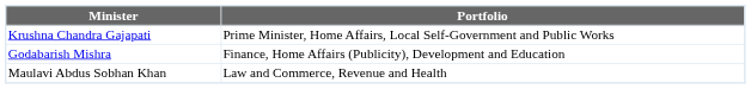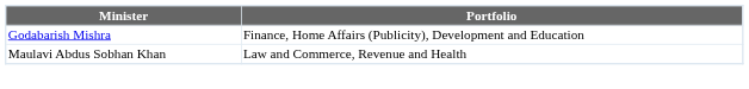 <table width="70%" cellpadding="2" cellspacing="0" border="1" style="border-collapse: collapse; border: 2px #DEE8F1 solid; font-size: x-big; font-family: verdana">
 <tr>
 <th style="background-color:#666666; color:white">Minister</th>
 <th style="background-color:#666666; color:white">Portfolio</th>
-</tr>
-<tr>
-<td><a href='#'>Krushna Chandra Gajapati</a></td>
-<td>Prime Minister, Home Affairs, Local Self-Government and Public Works</td>
 </tr>
 <tr>
 <td><a href='#'>Godabarish Mishra</a></td>
 <td>Finance, Home Affairs (Publicity), Development and Education</td>
 </tr>
 <tr>
 <td>Maulavi Abdus Sobhan Khan</td>
 <td>Law and Commerce, Revenue and Health</td>
 </tr>
 </table>
